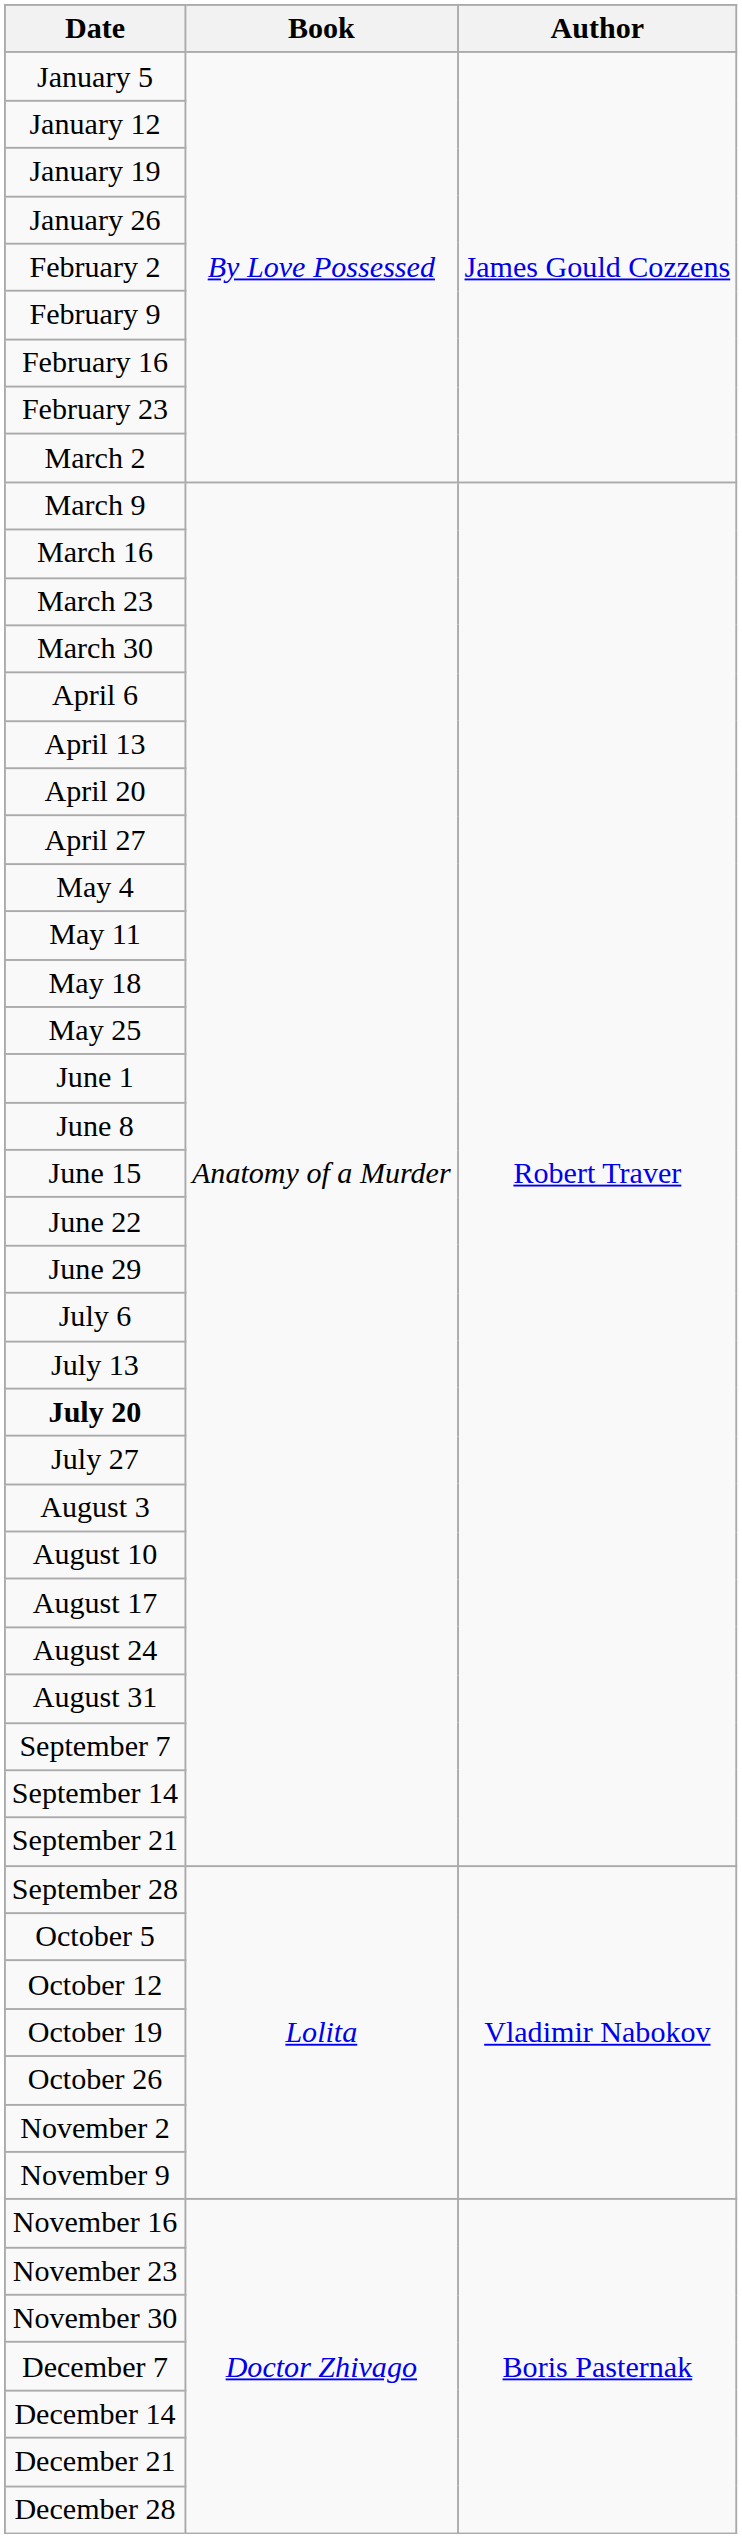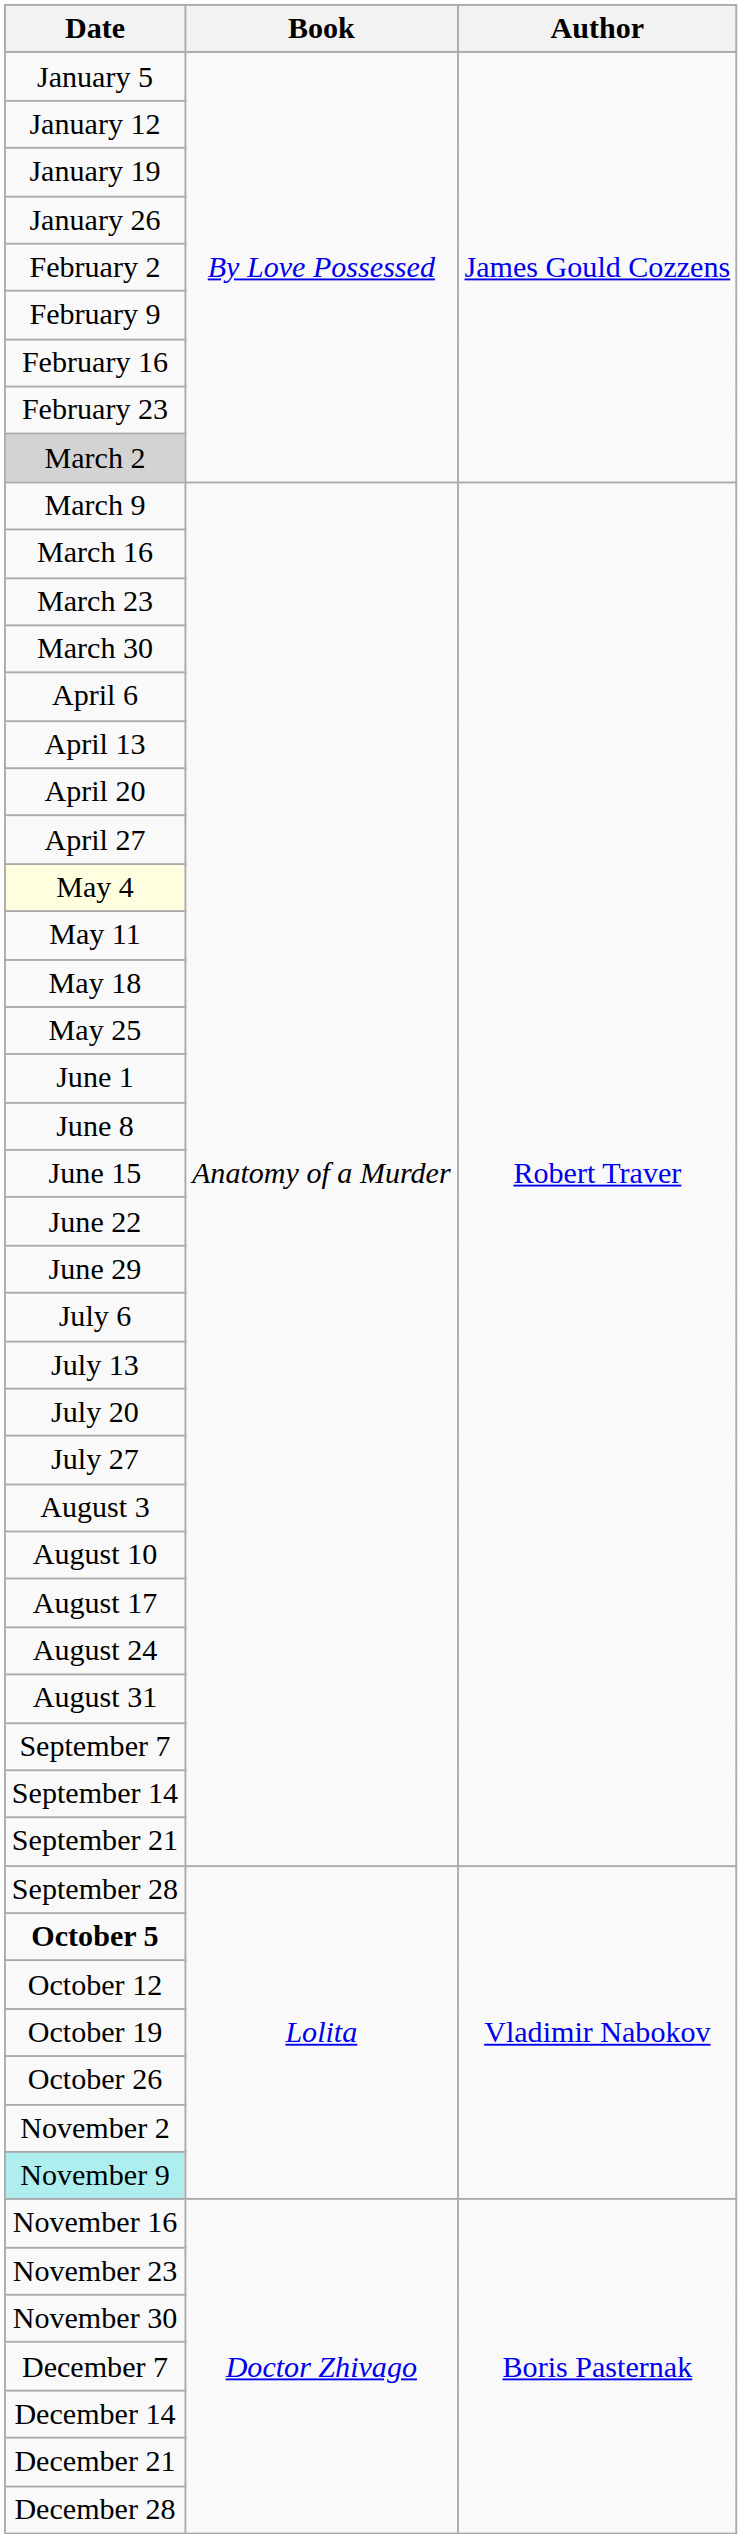 <table class="wikitable sortable" style="text-align: center">
 <tr>
 <th>Date</th>
 <th>Book</th>
 <th>Author</th>
 </tr>
 <tr>
 <td>January 5</td>
 <td rowspan=9><em><a href='#'>By Love Possessed</a></em></td>
 <td rowspan=9><a href='#'>James Gould Cozzens</a></td>
 </tr>
 <tr>
 <td>January 12</td>
 </tr>
 <tr>
 <td>January 19</td>
 </tr>
 <tr>
 <td>January 26</td>
 </tr>
 <tr>
 <td>February 2</td>
 </tr>
 <tr>
 <td>February 9</td>
 </tr>
 <tr>
 <td>February 16</td>
 </tr>
 <tr>
 <td>February 23</td>
 </tr>
 <tr>
-<td>March 2</td>
+<td style="background: lightgrey;">March 2</td>
 </tr>
 <tr>
 <td>March 9</td>
 <td rowspan=29><em>Anatomy of a Murder</em></td>
 <td rowspan=29><a href='#'>Robert Traver</a></td>
 </tr>
 <tr>
 <td>March 16</td>
 </tr>
 <tr>
 <td>March 23</td>
 </tr>
 <tr>
 <td>March 30</td>
 </tr>
 <tr>
 <td>April 6</td>
 </tr>
 <tr>
 <td>April 13</td>
 </tr>
 <tr>
 <td>April 20</td>
 </tr>
 <tr>
 <td>April 27</td>
 </tr>
 <tr>
-<td>May 4</td>
+<td style="background: lightyellow;">May 4</td>
 </tr>
 <tr>
 <td>May 11</td>
 </tr>
 <tr>
 <td>May 18</td>
 </tr>
 <tr>
 <td>May 25</td>
 </tr>
 <tr>
 <td>June 1</td>
 </tr>
 <tr>
 <td>June 8</td>
 </tr>
 <tr>
 <td>June 15</td>
 </tr>
 <tr>
 <td>June 22</td>
 </tr>
 <tr>
 <td>June 29</td>
 </tr>
 <tr>
 <td>July 6</td>
 </tr>
 <tr>
 <td>July 13</td>
 </tr>
 <tr>
-<td><strong>July 20</strong></td>
+<td>July 20</td>
 </tr>
 <tr>
 <td>July 27</td>
 </tr>
 <tr>
 <td>August 3</td>
 </tr>
 <tr>
 <td>August 10</td>
 </tr>
 <tr>
 <td>August 17</td>
 </tr>
 <tr>
 <td>August 24</td>
 </tr>
 <tr>
 <td>August 31</td>
 </tr>
 <tr>
 <td>September 7</td>
 </tr>
 <tr>
 <td>September 14</td>
 </tr>
 <tr>
 <td>September 21</td>
 </tr>
 <tr>
 <td>September 28</td>
 <td rowspan=7><em><a href='#'>Lolita</a></em></td>
 <td rowspan=7><a href='#'>Vladimir Nabokov</a></td>
 </tr>
 <tr>
-<td>October 5</td>
+<td><strong>October 5</strong></td>
 </tr>
 <tr>
 <td>October 12</td>
 </tr>
 <tr>
 <td>October 19</td>
 </tr>
 <tr>
 <td>October 26</td>
 </tr>
 <tr>
 <td>November 2</td>
 </tr>
 <tr>
-<td>November 9</td>
+<td style="background: paleturquoise;">November 9</td>
 </tr>
 <tr>
 <td>November 16</td>
 <td rowspan=7><em><a href='#'>Doctor Zhivago</a></em></td>
 <td rowspan=7><a href='#'>Boris Pasternak</a></td>
 </tr>
 <tr>
 <td>November 23</td>
 </tr>
 <tr>
 <td>November 30</td>
 </tr>
 <tr>
 <td>December 7</td>
 </tr>
 <tr>
 <td>December 14</td>
 </tr>
 <tr>
 <td>December 21</td>
 </tr>
 <tr>
 <td>December 28</td>
 </tr>
 </table>
